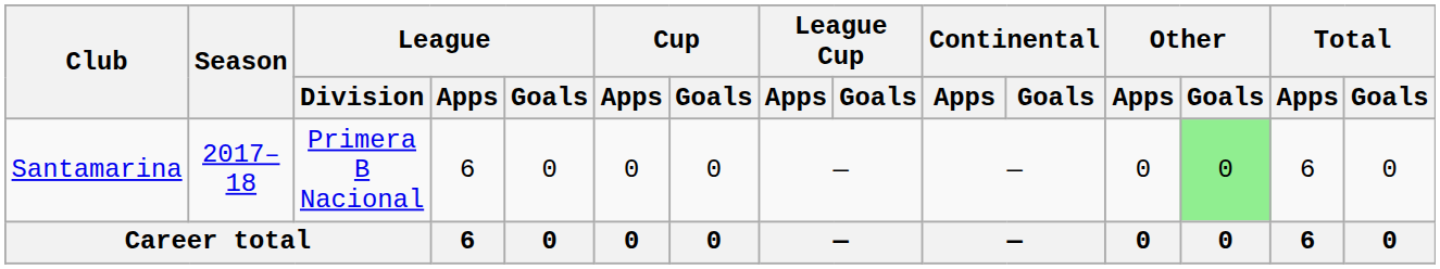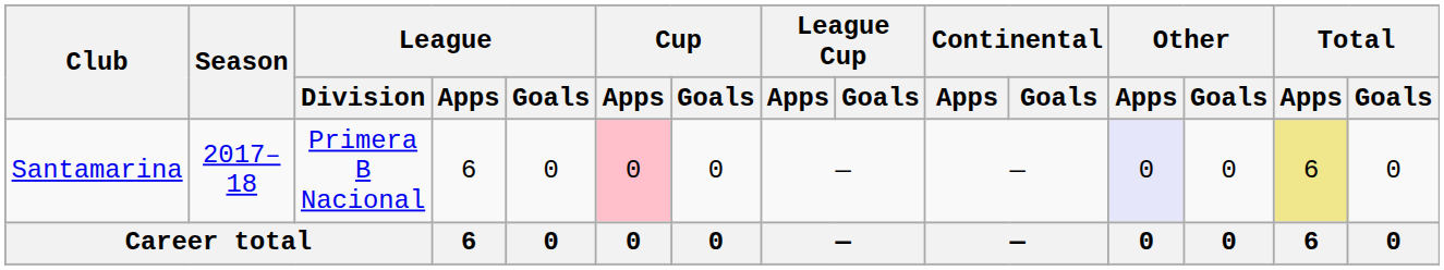 <table class="wikitable" style="text-align:center">
 <tr>
 <th rowspan="2">Club</th>
 <th rowspan="2">Season</th>
 <th colspan="3">League</th>
 <th colspan="2">Cup</th>
 <th colspan="2">League Cup</th>
 <th colspan="2">Continental</th>
 <th colspan="2">Other</th>
 <th colspan="2">Total</th>
 </tr>
 <tr>
 <th>Division</th>
 <th>Apps</th>
 <th>Goals</th>
 <th>Apps</th>
 <th>Goals</th>
 <th>Apps</th>
 <th>Goals</th>
 <th>Apps</th>
 <th>Goals</th>
 <th>Apps</th>
 <th>Goals</th>
 <th>Apps</th>
 <th>Goals</th>
 </tr>
 <tr>
 <td rowspan="1"><a href='#'>Santamarina</a></td>
 <td><a href='#'>2017–18</a></td>
 <td rowspan="1"><a href='#'>Primera B Nacional</a></td>
 <td>6</td>
 <td>0</td>
-<td>0</td>
+<td style="background: pink;">0</td>
 <td>0</td>
 <td colspan="2">—</td>
 <td colspan="2">—</td>
+<td style="background: lavender;">0</td>
 <td>0</td>
-<td style="background: lightgreen;">0</td>
-<td>6</td>
+<td style="background: khaki;">6</td>
 <td>0</td>
 </tr>
 <tr>
 <th colspan="3">Career total</th>
 <th>6</th>
 <th>0</th>
 <th>0</th>
 <th>0</th>
 <th colspan="2">—</th>
 <th colspan="2">—</th>
 <th>0</th>
 <th>0</th>
 <th>6</th>
 <th>0</th>
 </tr>
 </table>
